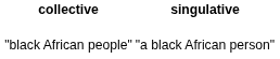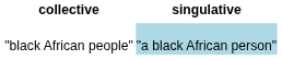 <table>
 <tr>
 <th>collective</th>
 <th>singulative</th>
 </tr>
 <tr>
 <td>  </td>
 <td>  </td>
 </tr>
 <tr>
 <td>  <br>"black African people"</td>
-<td>  <br>"a black African person"</td>
+<td style="background: lightblue;">  <br>"a black African person"</td>
 </tr>
 </table>
